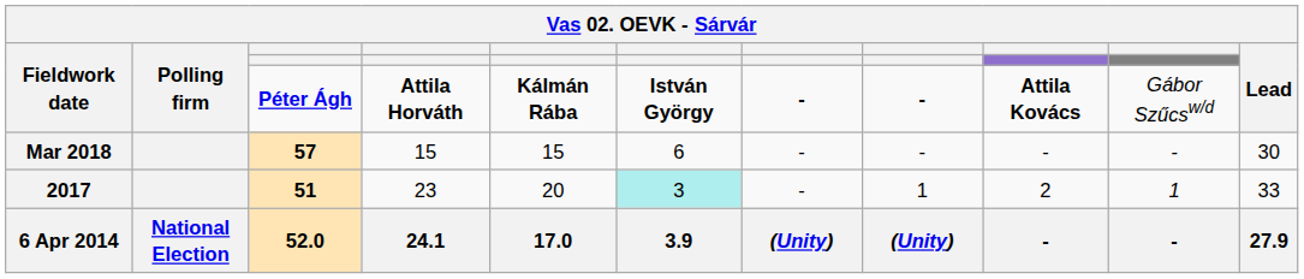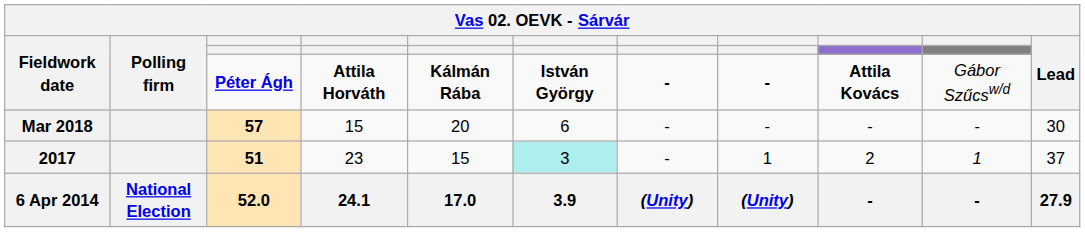 <table class="wikitable mw-collapsible mw-collapsed" style="text-align:center">
 <tr>
 <th colspan="11" style="width: 980pt;"><small><a href='#'>Vas</a>  02. OEVK -</small> <small><a href='#'>Sárvár</a></small></th>
 </tr>
 <tr>
 <th rowspan="3" style="width: 80pt;"><small>Fieldwork</small> <small>date</small></th>
 <th rowspan="3" style="width: 80pt;"><strong><small>Polling</small> <small>firm</small></strong></th>
 <th style="width: 100pt;"><small></small></th>
 <th style="width: 100pt;"><small> </small></th>
 <th style="width: 100pt;"></th>
 <th style="width: 100pt;"></th>
 <th style="width: 100pt;"></th>
 <th style="width: 100pt;"></th>
 <th style="width: 100pt;"></th>
 <th style="width: 100pt;"></th>
 <th rowspan="3" style="width: 20pt;"><small>Lead</small></th>
 </tr>
 <tr>
 <th style="color:inherit;background:"></th>
 <th style="color:inherit;background:"></th>
 <th style="color:inherit;background:"></th>
 <th style="color:inherit;background:"></th>
 <th style="color:inherit;background:"></th>
 <th style="color:inherit;background:"></th>
 <th style="color:inherit;background:#8E6FCE;"></th>
 <th style="color:inherit;background:#808080;"></th>
 </tr>
 <tr>
 <td><a href='#'><small><strong>Péter Ágh</strong></small></a></td>
 <td><small><strong>Attila Horváth</strong></small></td>
 <td><small><strong>Kálmán Rába</strong></small></td>
 <td><small><strong>István György</strong></small></td>
 <td><small><strong>-</strong></small></td>
 <td><small><strong>-</strong></small></td>
 <td><small><strong>Attila Kovács</strong></small></td>
 <td><em><small>Gábor Szűcs<sup>w/d</sup></small></em></td>
 </tr>
 <tr>
 <th><small>Mar 2018</small></th>
 <th><small></small></th>
 <td style="background:#FFE5B4"><small><strong>57</strong></small></td>
 <td><small>15</small></td>
-<td><small>15</small></td>
+<td><small>20</small></td>
 <td><small>6</small></td>
 <td><small>-</small></td>
 <td><small>-</small></td>
 <td><small>-</small></td>
 <td><small><em>-</em></small></td>
 <td style="background:"><small>30</small></td>
 </tr>
 <tr>
 <th><small>2017</small></th>
 <th><small></small></th>
 <td style="background:#FFE5B4"><small><strong>51</strong></small></td>
 <td><small>23</small></td>
-<td><small>20</small></td>
+<td><small>15</small></td>
 <td style="background: paleturquoise;"><small>3</small></td>
 <td><small>-</small></td>
 <td><small>1</small></td>
 <td><small>2</small></td>
 <td><em><small>1</small></em></td>
-<td style="background:"><small>33</small></td>
+<td style="background:"><small>37</small></td>
 </tr>
 <tr>
 <th><small>6 Apr 2014</small></th>
 <th><a href='#'><small>National Election</small></a></th>
 <th style="background:#FFE5B4"><small><strong>52.0</strong></small></th>
 <th><small>24.1</small></th>
 <th><small>17.0</small></th>
 <th><small>3.9</small></th>
 <th><small><em>(<a href='#'>Unity</a>)</em></small></th>
 <th><small><em>(<a href='#'>Unity</a>)</em></small></th>
 <th><small>-</small></th>
 <th><small>-</small></th>
 <th style="background:"><small>27.9</small></th>
 </tr>
 </table>
